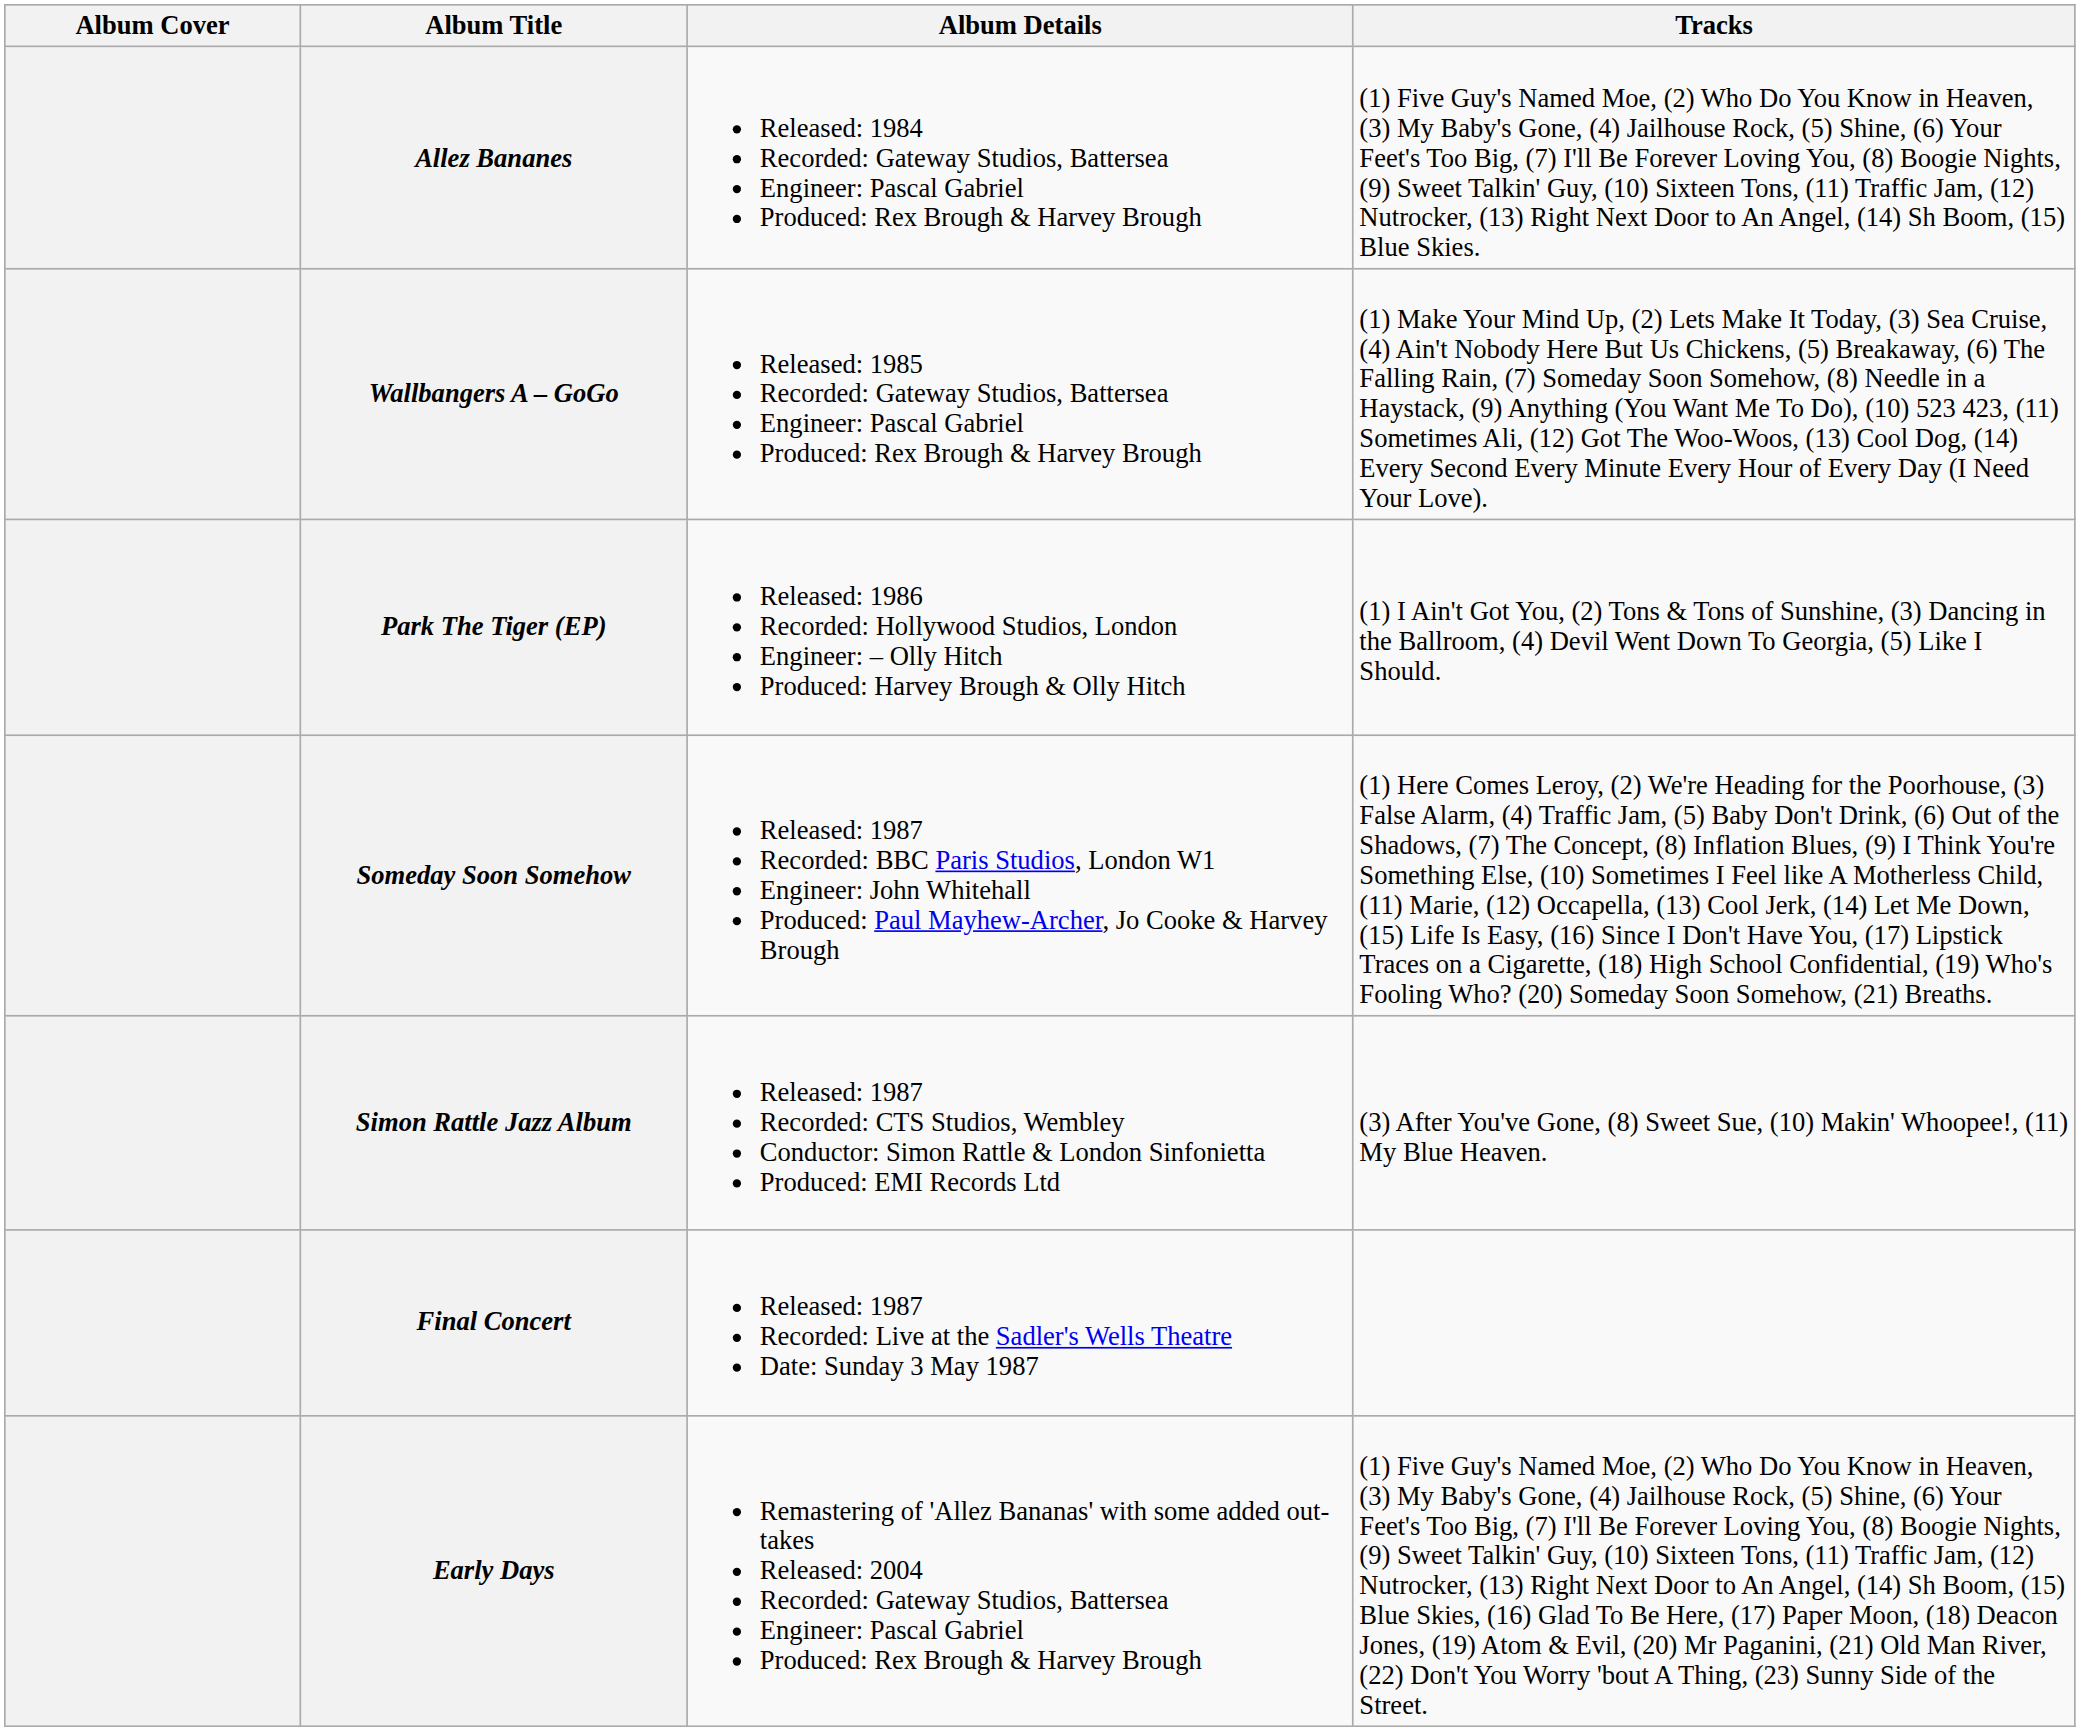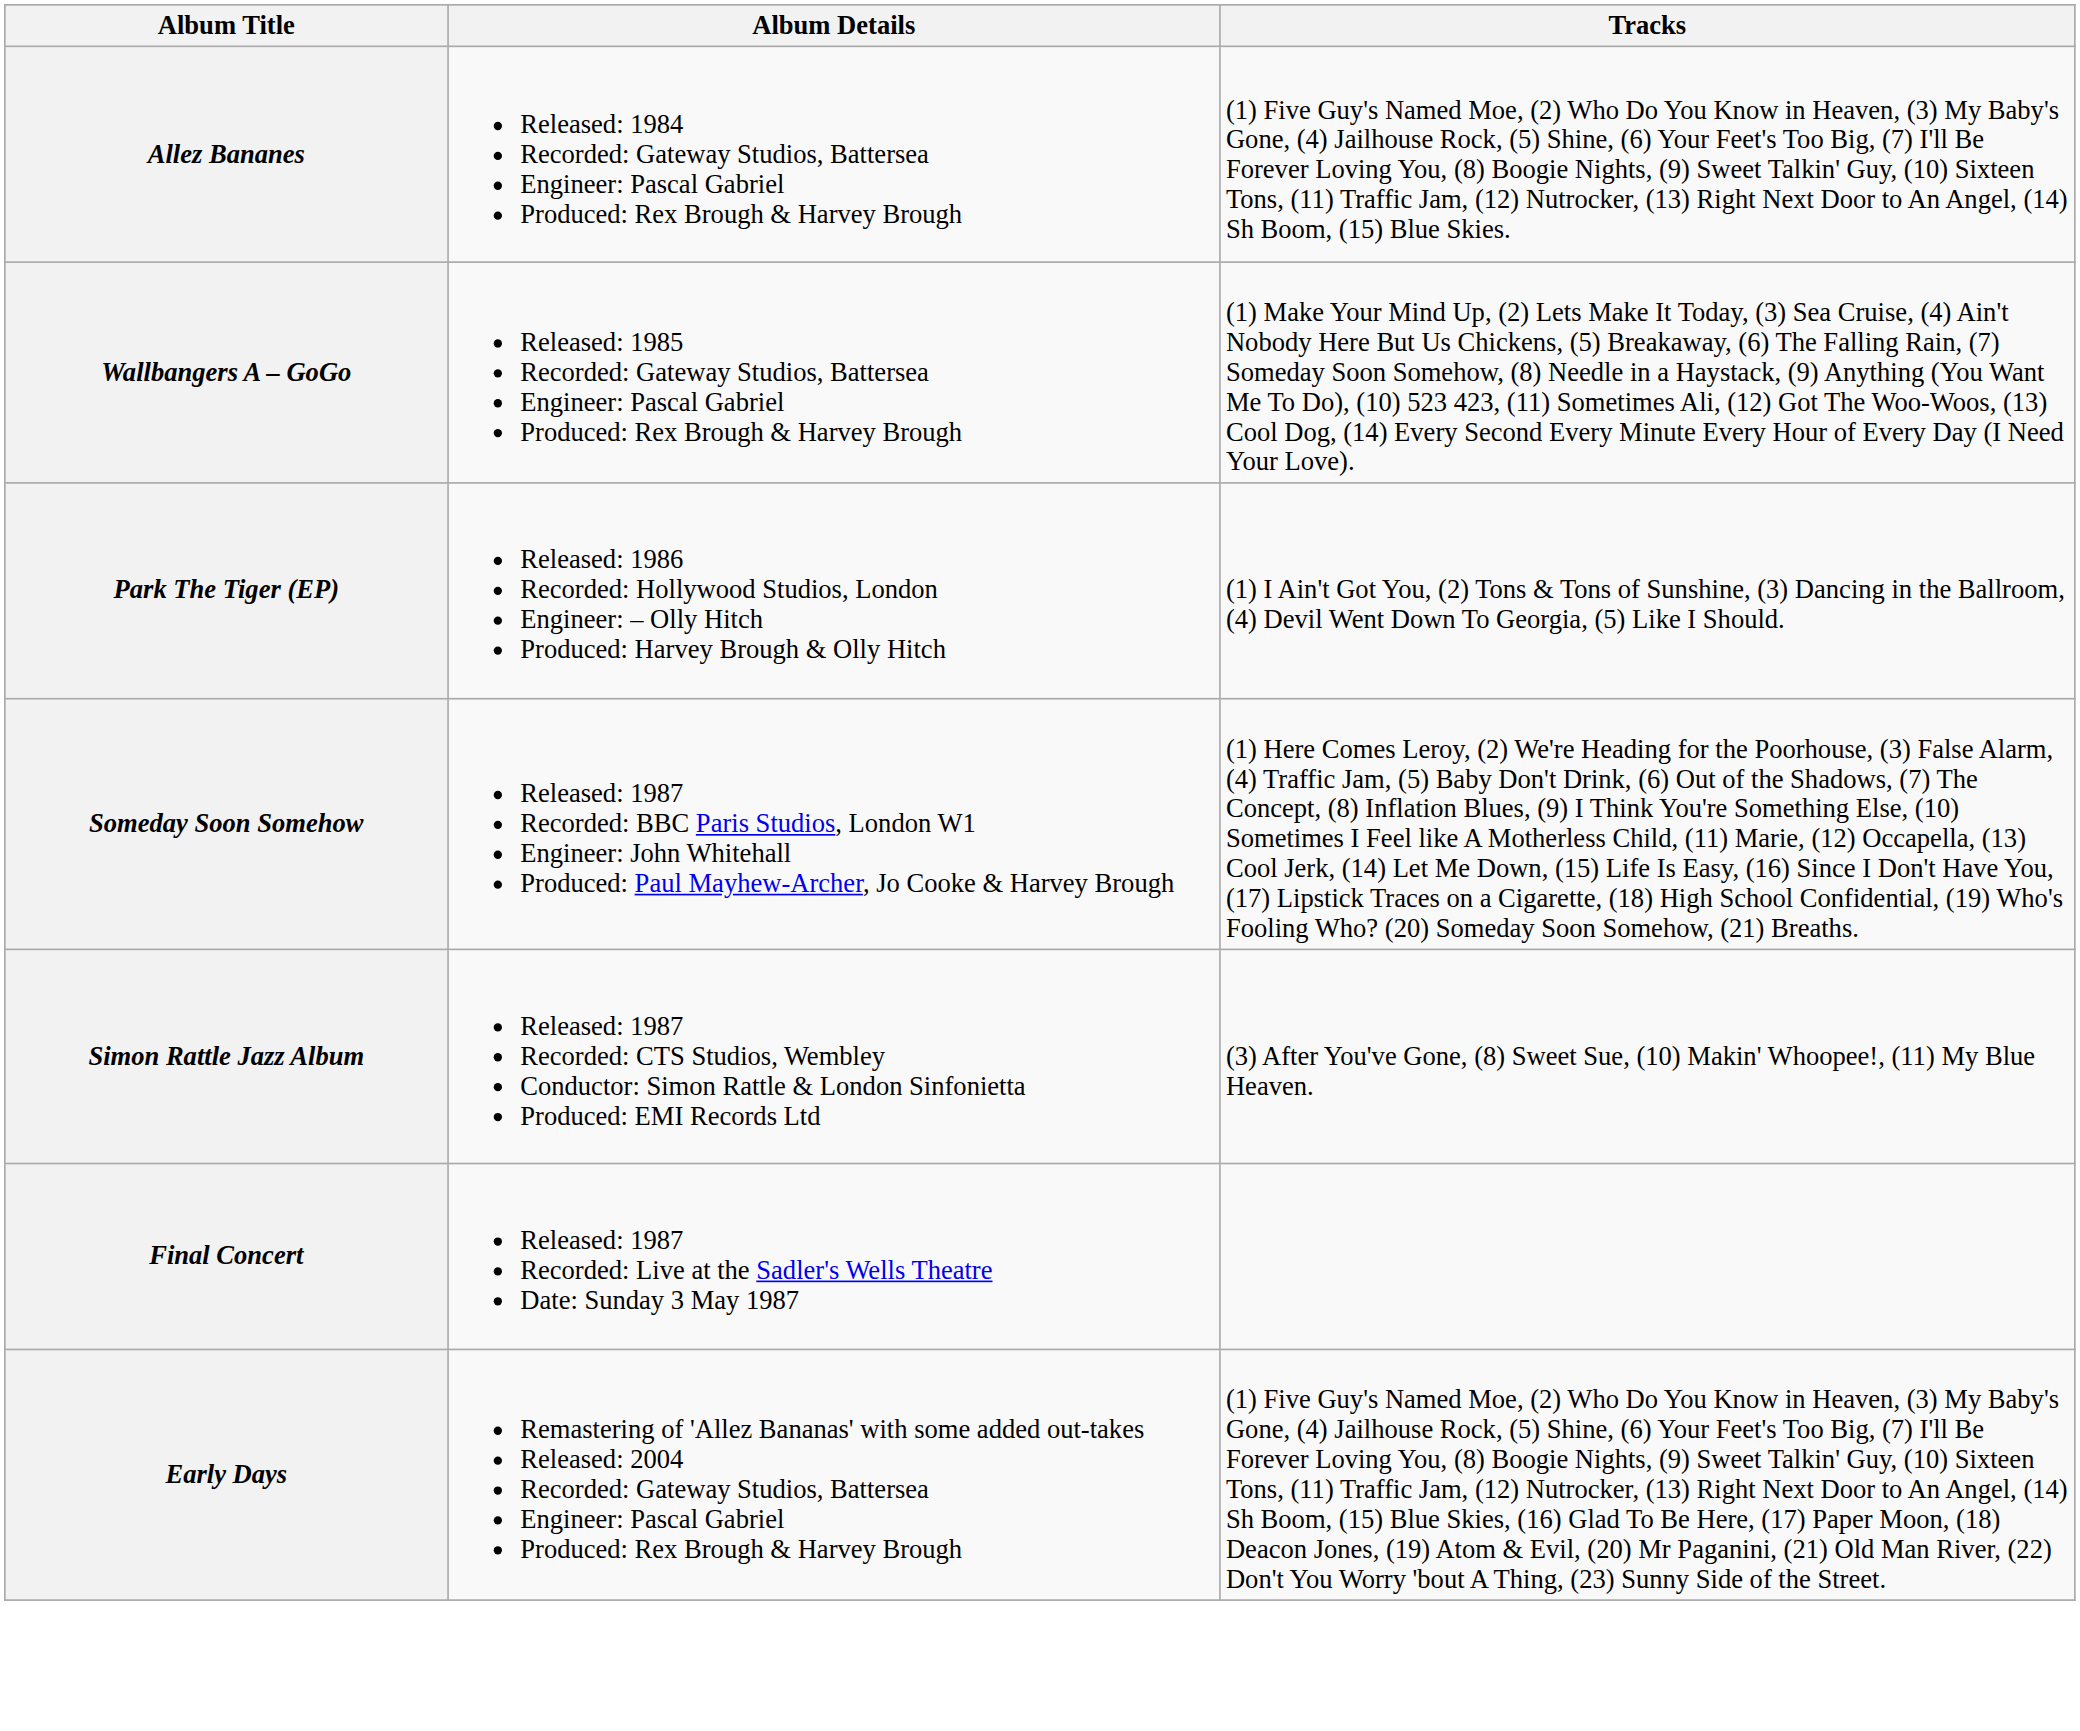 <table class="wikitable plainrowheaders" style="text-align:left;" border="1">
 <tr>
-<th scope="col" style="width:14em;">Album Cover</th>
 <th scope="col" style="width:18em;">Album Title</th>
 <th scope="col" style="width:32em;">Album Details</th>
 <th scope="col" style="width:36em;">Tracks</th>
 </tr>
 <tr>
-<th scope="row"></th>
 <th scope="row"><em>Allez Bananes</em></th>
 <td><br><ul><li>Released: 1984</li><li>Recorded: Gateway Studios, Battersea</li><li>Engineer: Pascal Gabriel</li><li>Produced: Rex Brough & Harvey Brough</li></ul></td>
 <td><br>(1) Five Guy's Named Moe, (2) Who Do You Know in Heaven, (3) My Baby's Gone, (4) Jailhouse Rock, (5) Shine, (6) Your Feet's Too Big, (7) I'll Be Forever Loving You, (8) Boogie Nights,  (9) Sweet Talkin' Guy, (10) Sixteen Tons, (11) Traffic Jam, (12) Nutrocker, (13) Right Next Door to An Angel, (14) Sh Boom, (15) Blue Skies.</td>
 </tr>
 <tr>
-<th scope="row"></th>
 <th scope="row"><em>Wallbangers A – GoGo</em></th>
 <td><br><ul><li>Released: 1985</li><li>Recorded: Gateway Studios, Battersea</li><li>Engineer: Pascal Gabriel</li><li>Produced: Rex Brough & Harvey Brough</li></ul></td>
 <td><br>(1) Make Your Mind Up, (2) Lets Make It Today, (3) Sea Cruise, (4) Ain't Nobody Here But Us Chickens, (5) Breakaway, (6) The Falling Rain, (7) Someday Soon Somehow, (8) Needle in a Haystack, (9) Anything (You Want Me To Do), (10) 523 423, (11) Sometimes Ali, (12) Got The Woo-Woos, (13) Cool Dog, (14) Every Second Every Minute Every Hour of Every Day (I Need Your Love).</td>
 </tr>
 <tr>
-<th scope="row"></th>
 <th scope="row"><em>Park The Tiger (EP)</em></th>
 <td><br><ul><li>Released: 1986</li><li>Recorded: Hollywood Studios, London</li><li>Engineer: – Olly Hitch</li><li>Produced: Harvey Brough & Olly Hitch</li></ul></td>
 <td><br>(1) I Ain't Got You, (2) Tons & Tons of Sunshine, (3) Dancing in the Ballroom, (4) Devil Went Down To Georgia, (5) Like I Should.</td>
 </tr>
 <tr>
-<th scope="row"></th>
 <th scope="row"><em>Someday Soon Somehow</em></th>
 <td><br><ul><li>Released: 1987</li><li>Recorded: BBC <a href='#'>Paris Studios</a>, London W1</li><li>Engineer: John Whitehall</li><li>Produced: <a href='#'>Paul Mayhew-Archer</a>, Jo Cooke & Harvey Brough</li></ul></td>
 <td><br>(1) Here Comes Leroy, (2) We're Heading for the Poorhouse, (3) False Alarm, (4) Traffic Jam, (5) Baby Don't Drink, (6) Out of the Shadows, (7) The Concept, (8) Inflation Blues, (9) I Think You're Something Else, (10) Sometimes I Feel like A Motherless Child, (11) Marie, (12) Occapella, (13) Cool Jerk, (14) Let Me Down, (15) Life Is Easy, (16) Since I Don't Have You, (17) Lipstick Traces on a Cigarette, (18) High School Confidential, (19) Who's Fooling Who? (20) Someday Soon Somehow, (21) Breaths.</td>
 </tr>
 <tr>
-<th scope="row"></th>
 <th scope="row"><em>Simon Rattle Jazz Album</em></th>
 <td><br><ul><li>Released: 1987</li><li>Recorded: CTS Studios, Wembley</li><li>Conductor: Simon Rattle & London Sinfonietta</li><li>Produced: EMI Records Ltd</li></ul></td>
 <td><br>(3) After You've Gone, (8) Sweet Sue, (10) Makin' Whoopee!, (11) My Blue Heaven.</td>
 </tr>
 <tr>
-<th scope="row"></th>
 <th scope="row"><em>Final Concert</em></th>
 <td><br><ul><li>Released: 1987</li><li>Recorded: Live at the <a href='#'>Sadler's Wells Theatre</a></li><li>Date: Sunday 3 May 1987</li></ul></td>
 <td></td>
 </tr>
 <tr>
-<th scope="row"></th>
 <th scope="row"><em>Early Days</em></th>
 <td><br><ul><li>Remastering of 'Allez Bananas' with some added out-takes</li><li>Released: 2004</li><li>Recorded: Gateway Studios, Battersea</li><li>Engineer: Pascal Gabriel</li><li>Produced: Rex Brough & Harvey Brough</li></ul></td>
 <td><br>(1) Five Guy's Named Moe, (2) Who Do You Know in Heaven, (3) My Baby's Gone, (4) Jailhouse Rock, (5) Shine, (6) Your Feet's Too Big, (7) I'll Be Forever Loving You, (8) Boogie Nights,  (9) Sweet Talkin' Guy, (10) Sixteen Tons, (11) Traffic Jam, (12) Nutrocker, (13) Right Next Door to An Angel, (14) Sh Boom, (15) Blue Skies, (16) Glad To Be Here, (17) Paper Moon, (18) Deacon Jones, (19) Atom & Evil, (20) Mr Paganini, (21) Old Man River, (22) Don't You Worry 'bout A Thing, (23) Sunny Side of the Street.</td>
 </tr>
 </table>
